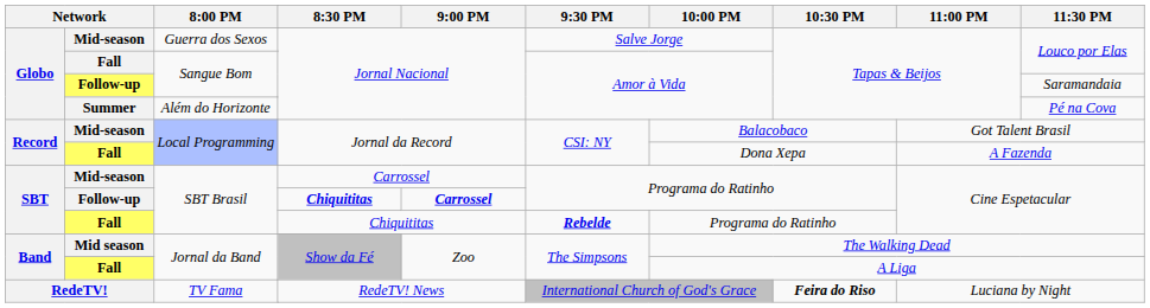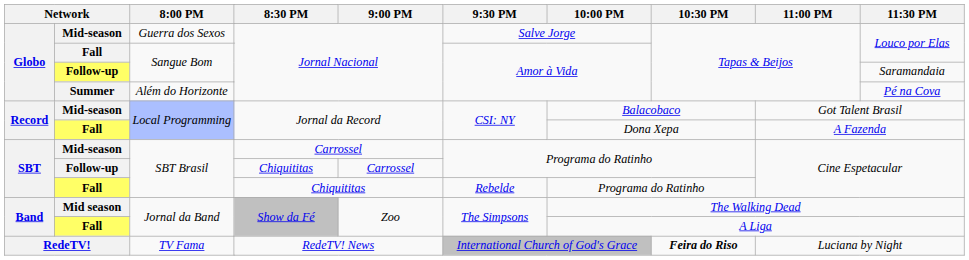 <table class="wikitable" style="width:100%;margin-right:0;text-align:center">
 <tr>
 <th colspan="2" style="width:12%;">Network</th>
 <th colspan="2" ! style="width:10%;">8:00 PM</th>
 <th style="width:10%;">8:30 PM</th>
 <th style="width:10%;">9:00 PM</th>
 <th style="width:10%;">9:30 PM</th>
 <th style="width:10%;">10:00 PM</th>
 <th style="width:10%;">10:30 PM</th>
 <th style="width:10%;">11:00 PM</th>
 <th style="width:10%;">11:30 PM</th>
 </tr>
 <tr>
 <th rowspan="4"><a href='#'>Globo</a></th>
 <th>Mid-season</th>
 <td colspan="2"><em>Guerra dos Sexos</em></td>
 <td colspan="2" rowspan="4"><em><a href='#'>Jornal Nacional</a></em></td>
 <td colspan="2"><em><a href='#'>Salve Jorge</a></em></td>
 <td colspan="2" rowspan="4"><em><a href='#'>Tapas & Beijos</a></em></td>
 <td colspan="2" rowspan="2"><em><a href='#'>Louco por Elas</a></em></td>
 </tr>
 <tr>
 <th>Fall</th>
 <td colspan="2" rowspan="2"><em>Sangue Bom</em></td>
 <td colspan="2" rowspan="3"><em><a href='#'>Amor à Vida</a></em></td>
 </tr>
 <tr>
 <th style="background:#FFFF66;">Follow-up</th>
 <td colspan="2"><em>Saramandaia</em></td>
 </tr>
 <tr>
 <th>Summer</th>
 <td colspan="2"><em>Além do Horizonte</em></td>
 <td colspan="2"><em><a href='#'>Pé na Cova</a></em></td>
 </tr>
 <tr>
 <th rowspan="2"><a href='#'>Record</a></th>
 <th>Mid-season</th>
 <td colspan="1" style="background:#abbfff;" rowspan="2"><em>Local Programming</em></td>
 <td colspan="3" rowspan="2"><em>Jornal da Record</em></td>
 <td colspan="1" rowspan="2"><em><a href='#'>CSI: NY</a></em></td>
 <td colspan="2"><em><a href='#'>Balacobaco</a></em></td>
 <td colspan="2"><em>Got Talent Brasil</em></td>
 </tr>
 <tr>
 <th style="background:#FFFF66;">Fall</th>
 <td colspan="2"><em>Dona Xepa</em></td>
 <td colspan="2"><em><a href='#'>A Fazenda</a></em></td>
 </tr>
 <tr>
 <th rowspan="3"><a href='#'>SBT</a></th>
 <th>Mid-season</th>
 <td colspan="2" rowspan="3"><em>SBT Brasil</em></td>
 <td colspan="2"><em><a href='#'>Carrossel</a></em></td>
 <td colspan="3" rowspan="2"><em>Programa do Ratinho</em></td>
 <td colspan="2" rowspan="3"><em>Cine Espetacular</em></td>
 </tr>
 <tr>
 <th>Follow-up</th>
-<td colspan="1"><strong><em><a href='#'>Chiquititas</a></em></strong></td>
-<td colspan="1"><strong><em><a href='#'>Carrossel</a></em></strong></td>
+<td colspan="1"><em><a href='#'>Chiquititas</a></em></td>
+<td colspan="1"><em><a href='#'>Carrossel</a></em></td>
 </tr>
 <tr>
 <th style="background:#FFFF66;">Fall</th>
 <td colspan="2"><em><a href='#'>Chiquititas</a></em></td>
-<td colspan="1"><strong><em><a href='#'>Rebelde</a></em></strong></td>
+<td colspan="1"><em><a href='#'>Rebelde</a></em></td>
 <td colspan="2"><em>Programa do Ratinho</em></td>
 </tr>
 <tr>
 <th rowspan="2"><a href='#'>Band</a></th>
 <th>Mid season</th>
 <td colspan="1" rowspan="2"><em>Jornal da Band</em></td>
 <td colspan="2" style="background:#C0C0C0;" rowspan="2"><em><a href='#'>Show da Fé</a></em></td>
 <td colspan="1" rowspan="2"><em>Zoo</em></td>
 <td colspan="1" rowspan="2"><em><a href='#'>The Simpsons</a></em></td>
 <td colspan="4"><em><a href='#'>The Walking Dead</a></em></td>
 </tr>
 <tr>
 <th style="background:#FFFF66;">Fall</th>
 <td colspan="4"><em><a href='#'>A Liga</a></em></td>
 </tr>
 <tr>
 <th colspan="2"><a href='#'>RedeTV!</a></th>
 <td colspan="2"><em><a href='#'>TV Fama</a></em></td>
 <td colspan="2"><em><a href='#'>RedeTV! News</a></em></td>
 <td colspan="2" style="background:#C0C0C0;"><em><a href='#'>International Church of God's Grace</a></em></td>
 <td colspan="1"><strong><em>Feira do Riso</em></strong></td>
 <td colspan="4"><em>Luciana by Night</em></td>
 </tr>
 </table>
